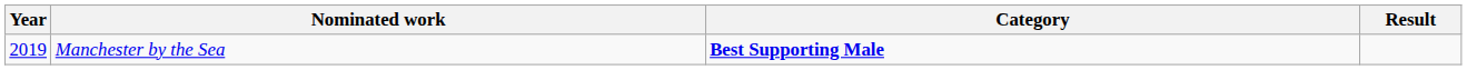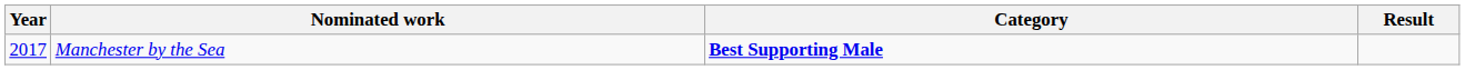 <table class="wikitable">
 <tr>
 <th scope="col" style="width:1em;">Year</th>
 <th scope="col" style="width:35em;">Nominated work</th>
 <th scope="col" style="width:35em;">Category</th>
 <th scope="col" style="width:5em;">Result</th>
 </tr>
 <tr>
-<td><a href='#'>2019</a></td>
+<td><a href='#'>2017</a></td>
 <td><em><a href='#'>Manchester by the Sea</a></em></td>
 <td><strong><a href='#'>Best Supporting Male</a></strong></td>
 <td></td>
 </tr>
 </table>
